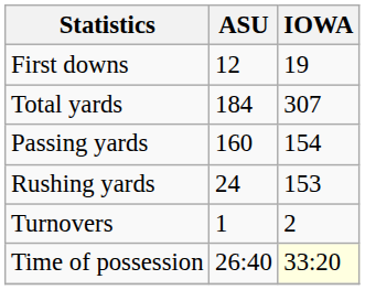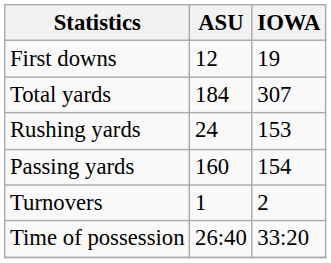 <table class="wikitable">
 <tr>
 <th>Statistics</th>
 <th>ASU</th>
 <th>IOWA</th>
 </tr>
 <tr>
 <td>First downs</td>
 <td>12</td>
 <td>19</td>
 </tr>
 <tr>
 <td>Total yards</td>
 <td>184</td>
 <td>307</td>
 </tr>
 <tr>
+<td>Rushing yards</td>
+<td>24</td>
+<td>153</td>
+</tr>
+<tr>
 <td>Passing yards</td>
 <td>160</td>
 <td>154</td>
-</tr>
-<tr>
-<td>Rushing yards</td>
-<td>24</td>
-<td>153</td>
 </tr>
 <tr>
 <td>Turnovers</td>
 <td>1</td>
 <td>2</td>
 </tr>
 <tr>
 <td>Time of possession</td>
 <td>26:40</td>
-<td style="background: lightyellow;">33:20</td>
+<td>33:20</td>
 </tr>
 <tr>
 </tr>
 </table>
